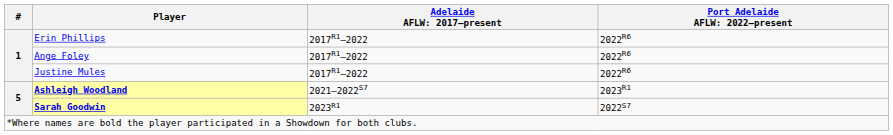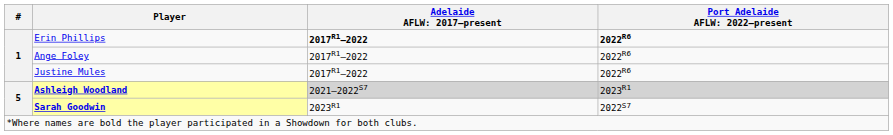 <table class="wikitable" style="width:100%">
 <tr>
 <th>#</th>
 <th>Player</th>
 <th><a href='#'>Adelaide</a><br>AFLW: 2017–present</th>
 <th><a href='#'>Port Adelaide</a><br>AFLW: 2022–present</th>
 </tr>
 <tr>
 <th rowspan="3">1</th>
 <td><a href='#'>Erin Phillips</a></td>
-<td>2017<sup>R1</sup>–2022</td>
-<td>2022<sup>R6</sup></td>
+<td><strong>2017<sup>R1</sup>–2022</strong></td>
+<td><strong>2022<sup>R6</sup></strong></td>
 </tr>
 <tr>
 <td><a href='#'>Ange Foley</a></td>
 <td>2017<sup>R1</sup>–2022</td>
 <td>2022<sup>R6</sup></td>
 </tr>
 <tr>
 <td><a href='#'>Justine Mules</a></td>
 <td>2017<sup>R1</sup>–2022</td>
 <td>2022<sup>R6</sup></td>
 </tr>
 <tr>
 <th rowspan="2">5</th>
 <td style="background:#ffffa6;"><strong><a href='#'>Ashleigh Woodland</a></strong></td>
-<td>2021–2022<sup>S7</sup></td>
-<td>2023<sup>R1</sup></td>
+<td style="background: lightgrey;">2021–2022<sup>S7</sup></td>
+<td style="background: lightgrey;">2023<sup>R1</sup></td>
 </tr>
 <tr>
 <td style="background:#ffffa6;"><strong><a href='#'>Sarah Goodwin</a></strong></td>
 <td>2023<sup>R1</sup></td>
 <td>2022<sup>S7</sup></td>
 </tr>
 <tr>
 <td colspan="4">*Where names are bold the player participated in a Showdown for both clubs.</td>
 </tr>
 </table>
